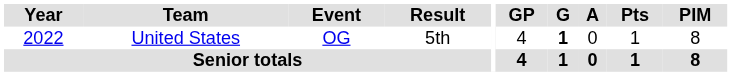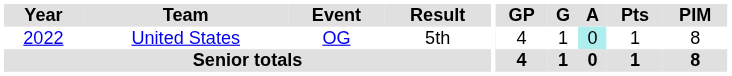 <table border="0" cellpadding="1" cellspacing="0" ID="Table3" style="text-align:center; width:40em;">
 <tr bgcolor="#e0e0e0">
 <th>Year</th>
 <th>Team</th>
 <th>Event</th>
 <th>Result</th>
 <th rowspan="98" bgcolor="#ffffff"></th>
 <th>GP</th>
 <th>G</th>
 <th>A</th>
 <th>Pts</th>
 <th>PIM</th>
 </tr>
 <tr>
 <td><a href='#'>2022</a></td>
 <td><a href='#'>United States</a></td>
 <td><a href='#'>OG</a></td>
 <td>5th</td>
 <td>4</td>
-<td><strong>1</strong></td>
-<td>0</td>
+<td>1</td>
+<td style="background: paleturquoise;">0</td>
 <td>1</td>
 <td>8</td>
 </tr>
 <tr bgcolor="#e0e0e0">
 <th colspan="4">Senior totals</th>
 <th>4</th>
 <th>1</th>
 <th>0</th>
 <th>1</th>
 <th>8</th>
 </tr>
 </table>
